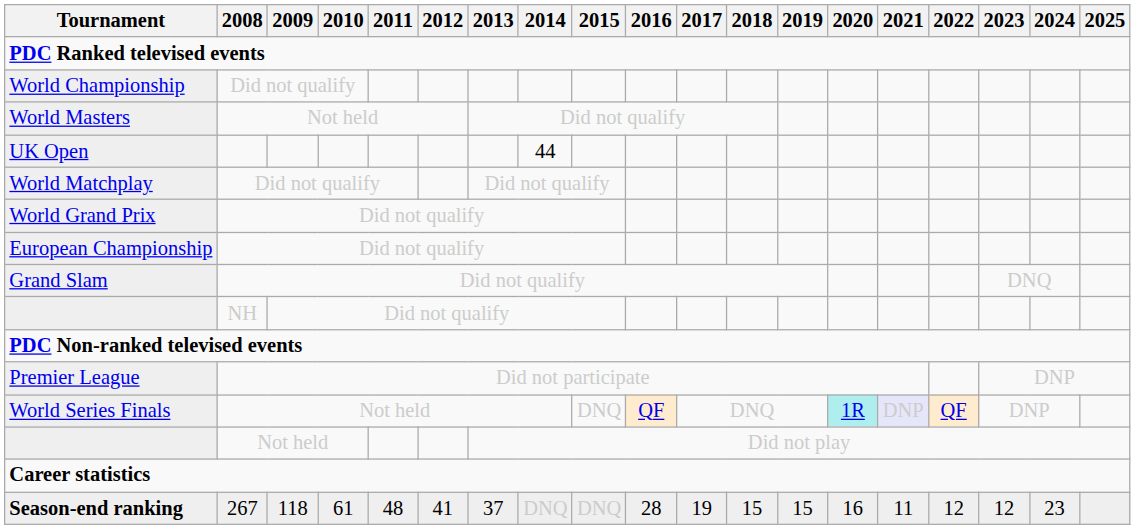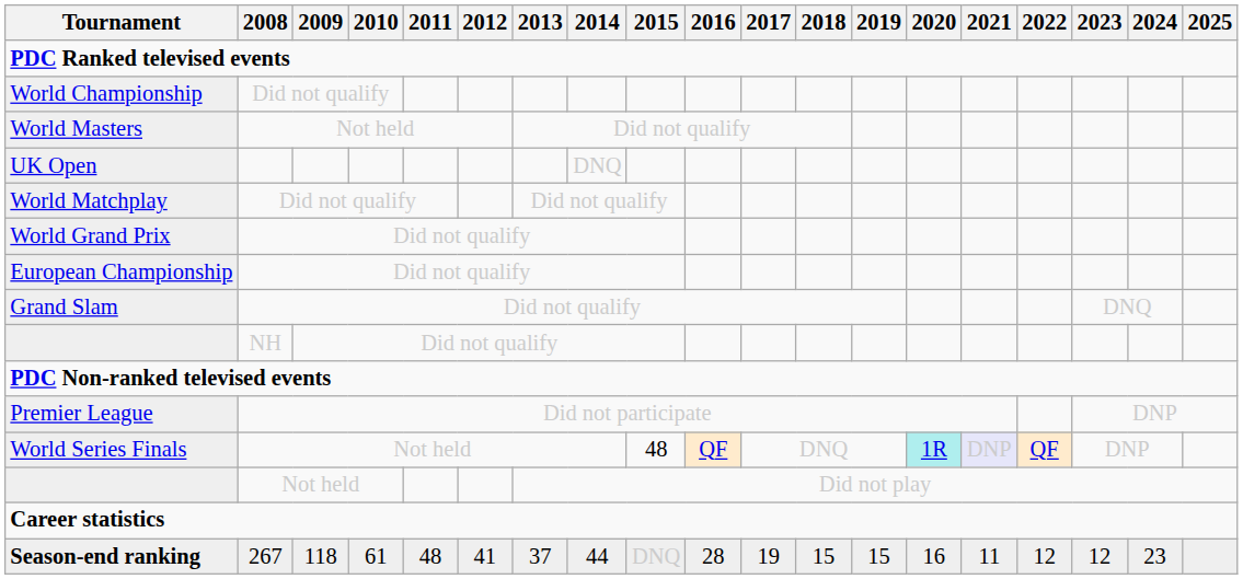 <table class="wikitable">
 <tr>
 <th>Tournament</th>
 <th>2008</th>
 <th>2009</th>
 <th>2010</th>
 <th>2011</th>
 <th>2012</th>
 <th>2013</th>
 <th>2014</th>
 <th>2015</th>
 <th>2016</th>
 <th>2017</th>
 <th>2018</th>
 <th>2019</th>
 <th>2020</th>
 <th>2021</th>
 <th>2022</th>
 <th>2023</th>
 <th>2024</th>
 <th>2025</th>
 </tr>
 <tr>
 <td colspan="25" align="left"><strong><a href='#'>PDC</a> Ranked televised events</strong></td>
 </tr>
 <tr>
 <td style="background:#efefef;"><a href='#'>World Championship</a></td>
 <td colspan="3" style="text-align:center; color:#ccc;">Did not qualify</td>
 <td></td>
 <td></td>
 <td></td>
 <td></td>
 <td></td>
 <td></td>
 <td></td>
 <td></td>
 <td></td>
 <td></td>
 <td></td>
 <td></td>
 <td></td>
 <td></td>
 <td></td>
 </tr>
 <tr>
 <td style="background:#efefef;"><a href='#'>World Masters</a></td>
 <td colspan="5" style="text-align:center; color:#ccc;">Not held</td>
 <td colspan="6" style="text-align:center; color:#ccc;">Did not qualify</td>
 <td></td>
 <td></td>
 <td></td>
 <td></td>
 <td></td>
 <td></td>
 <td></td>
 </tr>
 <tr>
 <td style="background:#efefef;"><a href='#'>UK Open</a></td>
 <td></td>
 <td></td>
 <td></td>
 <td></td>
 <td></td>
 <td></td>
-<td style="text-align:center;">44</td>
+<td style="text-align:center; color:#ccc;">DNQ</td>
 <td></td>
 <td></td>
 <td></td>
 <td></td>
 <td></td>
 <td></td>
 <td></td>
 <td></td>
 <td></td>
 <td></td>
 <td></td>
 </tr>
 <tr>
 <td style="background:#efefef;"><a href='#'>World Matchplay</a></td>
 <td colspan="4" style="text-align:center; color:#ccc;">Did not qualify</td>
 <td></td>
 <td colspan="3" style="text-align:center; color:#ccc;">Did not qualify</td>
 <td></td>
 <td></td>
 <td></td>
 <td></td>
 <td></td>
 <td></td>
 <td></td>
 <td></td>
 <td></td>
 <td></td>
 </tr>
 <tr>
 <td style="background:#efefef;"><a href='#'>World Grand Prix</a></td>
 <td colspan="8" style="text-align:center; color:#ccc;">Did not qualify</td>
 <td></td>
 <td></td>
 <td></td>
 <td></td>
 <td></td>
 <td></td>
 <td></td>
 <td></td>
 <td></td>
 <td></td>
 </tr>
 <tr>
 <td style="background:#efefef;"><a href='#'>European Championship</a></td>
 <td colspan="8" style="text-align:center; color:#ccc;">Did not qualify</td>
 <td></td>
 <td></td>
 <td></td>
 <td></td>
 <td></td>
 <td></td>
 <td></td>
 <td></td>
 <td></td>
 <td></td>
 </tr>
 <tr>
 <td style="background:#efefef;"><a href='#'>Grand Slam</a></td>
 <td colspan="12" style="text-align:center; color:#ccc;">Did not qualify</td>
 <td></td>
 <td></td>
 <td></td>
 <td colspan='2' style="text-align:center; color:#ccc;">DNQ</td>
 <td></td>
 </tr>
 <tr>
 <td style="background:#efefef;"></td>
 <td style="text-align:center; color:#ccc;">NH</td>
 <td colspan="7" style="text-align:center; color:#ccc;">Did not qualify</td>
 <td></td>
 <td></td>
 <td></td>
 <td></td>
 <td></td>
 <td></td>
 <td></td>
 <td></td>
 <td></td>
 <td></td>
 </tr>
 <tr>
 <td colspan="25" align="left"><strong><a href='#'>PDC</a> Non-ranked televised events</strong></td>
 </tr>
 <tr>
 <td style="background:#efefef;"><a href='#'>Premier League</a></td>
 <td colspan="14" style="text-align:center; color:#ccc;">Did not participate</td>
 <td></td>
 <td colspan="3" style="text-align:center; color:#ccc;">DNP</td>
 </tr>
 <tr>
 <td style="background:#efefef;" align=left><a href='#'>World Series Finals</a></td>
 <td colspan="7" style="text-align:center; color:#ccc;">Not held</td>
-<td style="text-align:center; color:#ccc;">DNQ</td>
+<td style="text-align:center;">48</td>
 <td style="text-align:center; background:#ffebcd;"><a href='#'>QF</a></td>
 <td colspan="3" style="text-align:center; color:#ccc;">DNQ</td>
 <td style="text-align:center; background:#afeeee;"><a href='#'>1R</a></td>
 <td style="background: lavender; text-align:center; color:#ccc;">DNP</td>
 <td style="text-align:center; background:#ffebcd;"><a href='#'>QF</a></td>
 <td colspan="2" style="text-align:center; color:#ccc;">DNP</td>
 <td></td>
 </tr>
 <tr>
 <td style="background:#efefef;"></td>
 <td colspan="3" style="text-align:center; color:#ccc;">Not held</td>
 <td></td>
 <td></td>
 <td colspan="13" style="text-align:center; color:#ccc;">Did not play</td>
 </tr>
 <tr>
 <td colspan="22" align="left"><strong>Career statistics</strong></td>
 </tr>
 <tr bgcolor="efefef">
 <td align="left"><strong>Season-end ranking</strong></td>
 <td style="text-align:center;">267</td>
 <td style="text-align:center;">118</td>
 <td style="text-align:center;">61</td>
 <td style="text-align:center;">48</td>
 <td style="text-align:center;">41</td>
 <td style="text-align:center;">37</td>
-<td style="text-align:center; color:#ccc;">DNQ</td>
+<td style="text-align:center;">44</td>
 <td style="text-align:center; color:#ccc;">DNQ</td>
 <td style="text-align:center;">28</td>
 <td style="text-align:center;">19</td>
 <td style="text-align:center;">15</td>
 <td style="text-align:center;">15</td>
 <td style="text-align:center;">16</td>
 <td style="text-align:center;">11</td>
 <td style="text-align:center;">12</td>
 <td style="text-align:center;">12</td>
 <td style="text-align:center;">23</td>
 <td></td>
 </tr>
 </table>
